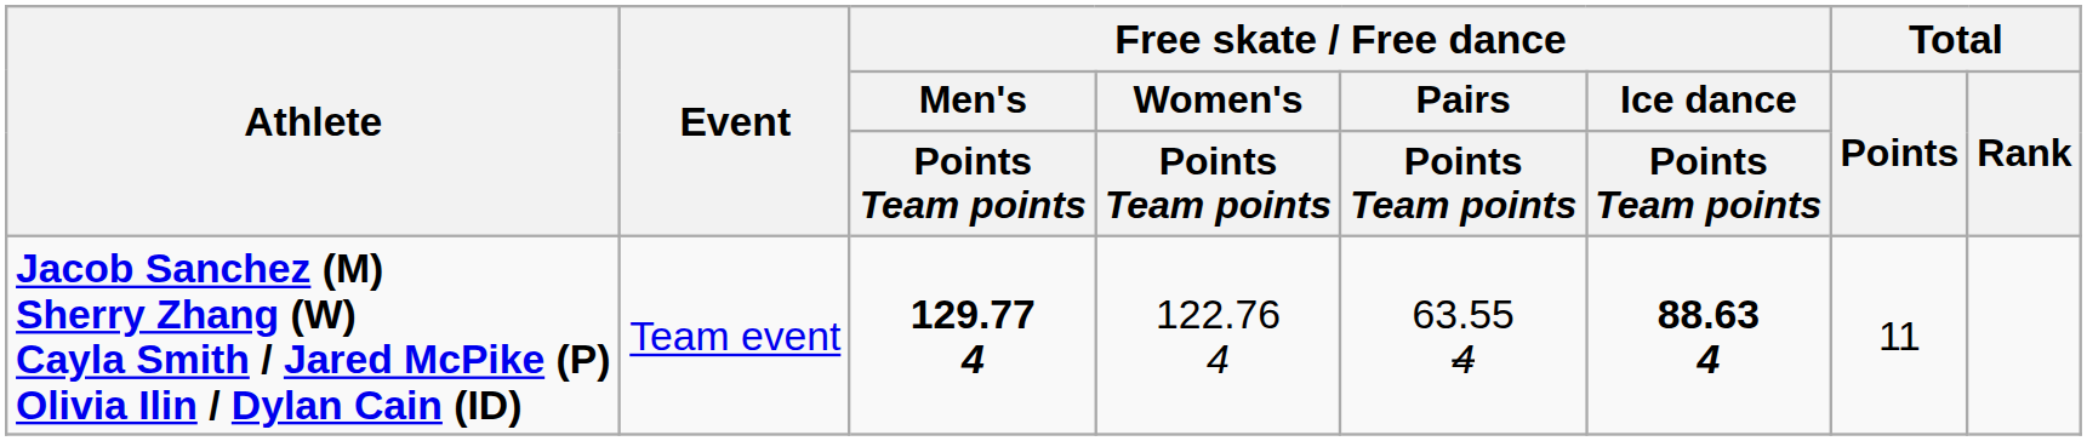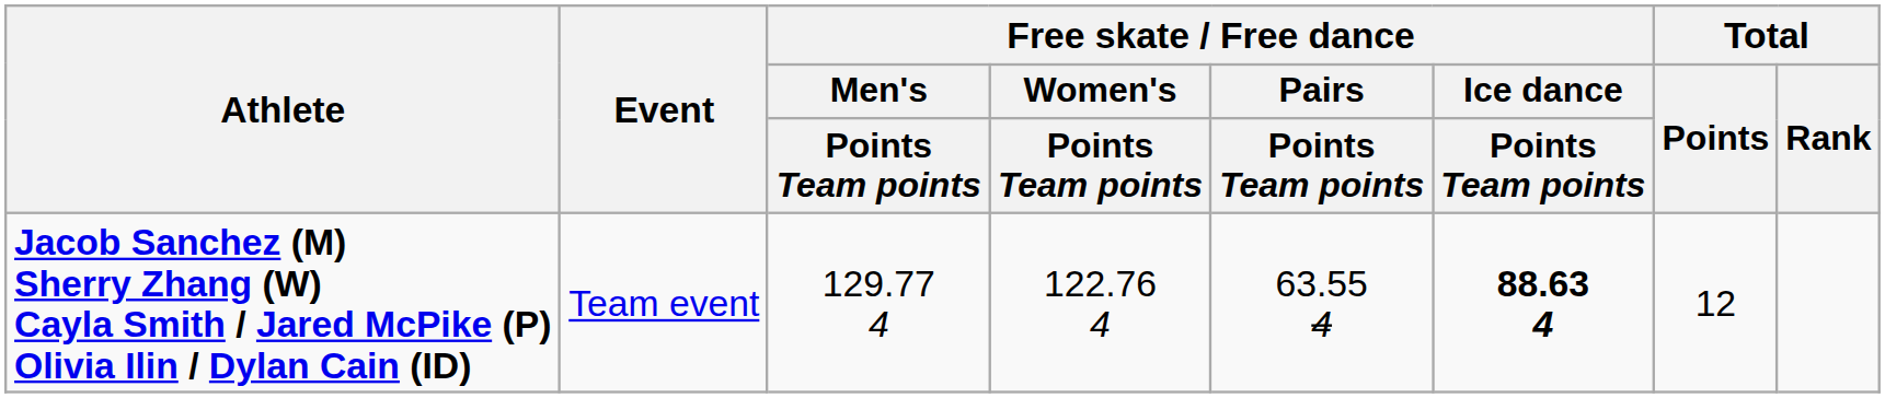 <table class=wikitable style=font-size:90%>
 <tr>
 <th rowspan=3>Athlete</th>
 <th rowspan=3>Event</th>
 <th colspan=4>Free skate / Free dance</th>
 <th colspan=2>Total</th>
 </tr>
 <tr style=font-size:95%>
 <th>Men's</th>
 <th>Women's</th>
 <th>Pairs</th>
 <th>Ice dance</th>
 <th rowspan=2>Points</th>
 <th rowspan=2>Rank</th>
 </tr>
 <tr style=font-size:95%>
 <th>Points<br><em>Team points</em></th>
 <th>Points<br><em>Team points</em></th>
 <th>Points<br><em>Team points</em></th>
 <th>Points<br><em>Team points</em></th>
 </tr>
 <tr align=center>
 <td align=left><strong><a href='#'>Jacob Sanchez</a> (M)<br><a href='#'>Sherry Zhang</a> (W)<br><a href='#'>Cayla Smith</a> / <a href='#'>Jared McPike</a> (P)<br><a href='#'>Olivia Ilin</a> / <a href='#'>Dylan Cain</a> (ID)</strong></td>
 <td align=left><a href='#'>Team event</a></td>
-<td><strong>129.77<br><em>4</em></strong></td>
+<td>129.77<br><em>4</em></td>
 <td>122.76<br><em>4</em></td>
 <td>63.55<br><em><s>4</s></em></td>
 <td><strong>88.63<br><em>4</em></strong></td>
-<td>11</td>
+<td>12</td>
 <td></td>
 </tr>
 </table>
